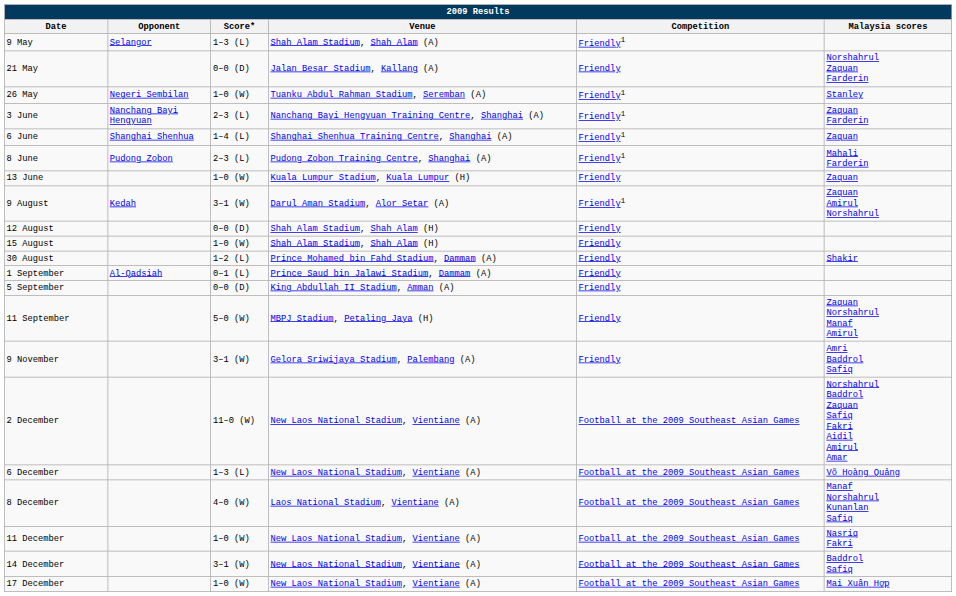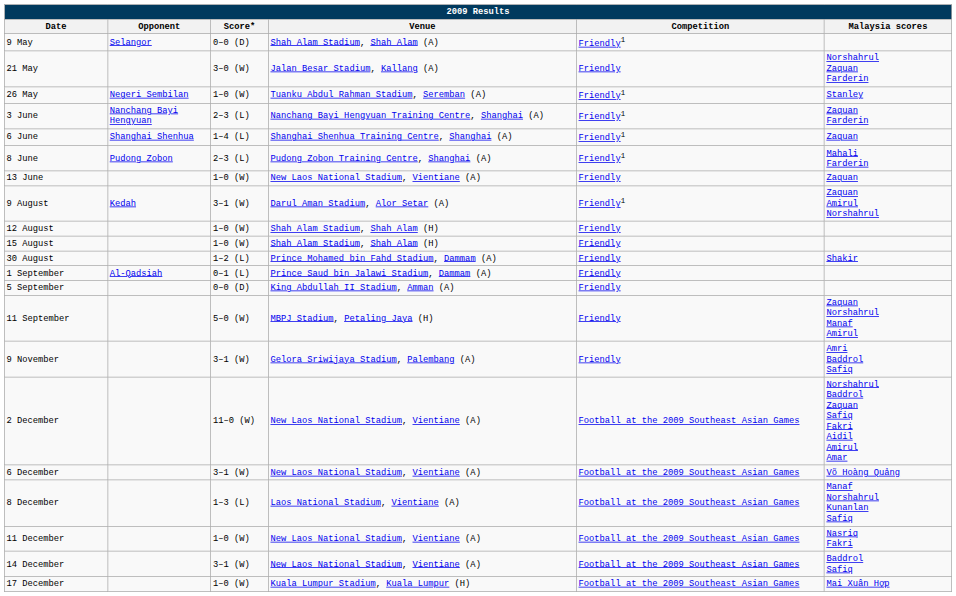 <table class="wikitable" width=100% style="text-align:left;font-size:90%;">
 <tr>
 <th colspan=9 style="background: #013A5E; color: #FFFFFF;">2009 Results</th>
 </tr>
 <tr>
 <th width=80>Date</th>
 <th width=80>Opponent</th>
 <th width=20>Score*</th>
 <th width=250>Venue</th>
 <th width=200>Competition</th>
 <th width=100>Malaysia scores</th>
 </tr>
 <tr>
 <td>9 May</td>
 <td> <a href='#'>Selangor</a></td>
-<td>1–3 (L)</td>
+<td>0–0 (D)</td>
 <td><a href='#'>Shah Alam Stadium</a>, <a href='#'>Shah Alam</a> (A)</td>
 <td><a href='#'>Friendly</a><sup>1</sup></td>
 <td></td>
 </tr>
 <tr>
 <td>21 May</td>
 <td></td>
-<td>0–0 (D)</td>
+<td>3–0 (W)</td>
 <td><a href='#'>Jalan Besar Stadium</a>, <a href='#'>Kallang</a> (A)</td>
 <td><a href='#'>Friendly</a></td>
 <td><a href='#'>Norshahrul</a> <br><a href='#'>Zaquan</a> <br><a href='#'>Farderin</a> </td>
 </tr>
 <tr>
 <td>26 May</td>
 <td> <a href='#'>Negeri Sembilan</a></td>
 <td>1–0 (W)</td>
 <td><a href='#'>Tuanku Abdul Rahman Stadium</a>, <a href='#'>Seremban</a> (A)</td>
 <td><a href='#'>Friendly</a><sup>1</sup></td>
 <td><a href='#'>Stanley</a> </td>
 </tr>
 <tr>
 <td>3 June</td>
 <td> <a href='#'>Nanchang Bayi Hengyuan</a></td>
 <td>2–3 (L)</td>
 <td><a href='#'>Nanchang Bayi Hengyuan Training Centre</a>, <a href='#'>Shanghai</a> (A)</td>
 <td><a href='#'>Friendly</a><sup>1</sup></td>
 <td><a href='#'>Zaquan</a> <br><a href='#'>Farderin</a> </td>
 </tr>
 <tr>
 <td>6 June</td>
 <td> <a href='#'>Shanghai Shenhua</a></td>
 <td>1–4 (L)</td>
 <td><a href='#'>Shanghai Shenhua Training Centre</a>, <a href='#'>Shanghai</a> (A)</td>
 <td><a href='#'>Friendly</a><sup>1</sup></td>
 <td><a href='#'>Zaquan</a> </td>
 </tr>
 <tr>
 <td>8 June</td>
 <td> <a href='#'>Pudong Zobon</a></td>
 <td>2–3 (L)</td>
 <td><a href='#'>Pudong Zobon Training Centre</a>, <a href='#'>Shanghai</a> (A)</td>
 <td><a href='#'>Friendly</a><sup>1</sup></td>
 <td><a href='#'>Mahali</a> <br><a href='#'>Farderin</a> </td>
 </tr>
 <tr>
 <td>13 June</td>
 <td></td>
 <td>1–0 (W)</td>
-<td><a href='#'>Kuala Lumpur Stadium</a>, <a href='#'>Kuala Lumpur</a> (H)</td>
+<td><a href='#'>New Laos National Stadium</a>, <a href='#'>Vientiane</a> (A)</td>
 <td><a href='#'>Friendly</a></td>
 <td><a href='#'>Zaquan</a> </td>
 </tr>
 <tr>
 <td>9 August</td>
 <td> <a href='#'>Kedah</a></td>
 <td>3–1 (W)</td>
 <td><a href='#'>Darul Aman Stadium</a>, <a href='#'>Alor Setar</a> (A)</td>
 <td><a href='#'>Friendly</a><sup>1</sup></td>
 <td><a href='#'>Zaquan</a> <br><a href='#'>Amirul</a> <br><a href='#'>Norshahrul</a> </td>
 </tr>
 <tr>
 <td>12 August</td>
 <td></td>
-<td>0–0 (D)</td>
+<td>1–0 (W)</td>
 <td><a href='#'>Shah Alam Stadium</a>, <a href='#'>Shah Alam</a> (H)</td>
 <td><a href='#'>Friendly</a></td>
 <td></td>
 </tr>
 <tr>
 <td>15 August</td>
 <td></td>
 <td>1–0 (W)</td>
 <td><a href='#'>Shah Alam Stadium</a>, <a href='#'>Shah Alam</a> (H)</td>
 <td><a href='#'>Friendly</a></td>
 <td></td>
 </tr>
 <tr>
 <td>30 August</td>
 <td></td>
 <td>1–2 (L)</td>
 <td><a href='#'>Prince Mohamed bin Fahd Stadium</a>, <a href='#'>Dammam</a> (A)</td>
 <td><a href='#'>Friendly</a></td>
 <td><a href='#'>Shakir</a> </td>
 </tr>
 <tr>
 <td>1 September</td>
 <td> <a href='#'>Al-Qadsiah</a></td>
 <td>0–1 (L)</td>
 <td><a href='#'>Prince Saud bin Jalawi Stadium</a>, <a href='#'>Dammam</a> (A)</td>
 <td><a href='#'>Friendly</a></td>
 <td></td>
 </tr>
 <tr>
 <td>5 September</td>
 <td></td>
 <td>0–0 (D)</td>
 <td><a href='#'>King Abdullah II Stadium</a>, <a href='#'>Amman</a> (A)</td>
 <td><a href='#'>Friendly</a></td>
 <td></td>
 </tr>
 <tr>
 <td>11 September</td>
 <td></td>
 <td>5–0 (W)</td>
 <td><a href='#'>MBPJ Stadium</a>, <a href='#'>Petaling Jaya</a> (H)</td>
 <td><a href='#'>Friendly</a></td>
 <td><a href='#'>Zaquan</a> <br><a href='#'>Norshahrul</a> <br><a href='#'>Manaf</a> <br><a href='#'>Amirul</a> </td>
 </tr>
 <tr>
 <td>9 November</td>
 <td></td>
 <td>3–1 (W)</td>
 <td><a href='#'>Gelora Sriwijaya Stadium</a>, <a href='#'>Palembang</a> (A)</td>
 <td><a href='#'>Friendly</a></td>
 <td><a href='#'>Amri</a> <br><a href='#'>Baddrol</a> <br><a href='#'>Safiq</a> </td>
 </tr>
 <tr>
 <td>2 December</td>
 <td></td>
 <td>11–0 (W)</td>
 <td><a href='#'>New Laos National Stadium</a>, <a href='#'>Vientiane</a> (A)</td>
 <td><a href='#'>Football at the 2009 Southeast Asian Games</a></td>
 <td><a href='#'>Norshahrul</a> <br><a href='#'>Baddrol</a> <br><a href='#'>Zaquan</a> <br><a href='#'>Safiq</a> <br><a href='#'>Fakri</a> <br><a href='#'>Aidil</a> <br><a href='#'>Amirul</a> <br><a href='#'>Amar</a> </td>
 </tr>
 <tr>
 <td>6 December</td>
 <td></td>
-<td>1–3 (L)</td>
+<td>3–1 (W)</td>
 <td><a href='#'>New Laos National Stadium</a>, <a href='#'>Vientiane</a> (A)</td>
 <td><a href='#'>Football at the 2009 Southeast Asian Games</a></td>
 <td><a href='#'>Võ Hoàng Quảng</a> </td>
 </tr>
 <tr>
 <td>8 December</td>
 <td></td>
-<td>4–0 (W)</td>
+<td>1–3 (L)</td>
 <td><a href='#'>Laos National Stadium</a>, <a href='#'>Vientiane</a> (A)</td>
 <td><a href='#'>Football at the 2009 Southeast Asian Games</a></td>
 <td><a href='#'>Manaf</a> <br><a href='#'>Norshahrul</a> <br><a href='#'>Kunanlan</a> <br><a href='#'>Safiq</a> </td>
 </tr>
 <tr>
 <td>11 December</td>
 <td></td>
 <td>1–0 (W)</td>
 <td><a href='#'>New Laos National Stadium</a>, <a href='#'>Vientiane</a> (A)</td>
 <td><a href='#'>Football at the 2009 Southeast Asian Games</a></td>
 <td><a href='#'>Nasriq</a> <br><a href='#'>Fakri</a> </td>
 </tr>
 <tr>
 <td>14 December</td>
 <td></td>
 <td>3–1 (W)</td>
 <td><a href='#'>New Laos National Stadium</a>, <a href='#'>Vientiane</a> (A)</td>
 <td><a href='#'>Football at the 2009 Southeast Asian Games</a></td>
 <td><a href='#'>Baddrol</a> <br><a href='#'>Safiq</a> </td>
 </tr>
 <tr>
 <td>17 December</td>
 <td></td>
 <td>1–0 (W)</td>
-<td><a href='#'>New Laos National Stadium</a>, <a href='#'>Vientiane</a> (A)</td>
+<td><a href='#'>Kuala Lumpur Stadium</a>, <a href='#'>Kuala Lumpur</a> (H)</td>
 <td><a href='#'>Football at the 2009 Southeast Asian Games</a></td>
 <td><a href='#'>Mai Xuân Hợp</a> </td>
 </tr>
 </table>
